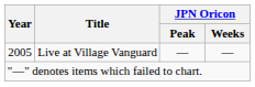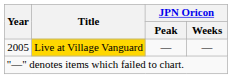 <table class="wikitable">
 <tr>
 <th rowspan="2" style="width:33px;">Year</th>
 <th rowspan="2">Title</th>
 <th colspan="2" style="width:106px;"><a href='#'>JPN Oricon</a></th>
 </tr>
 <tr>
 <th style="width:53px;">Peak</th>
 <th style="width:53px;">Weeks</th>
 </tr>
 <tr>
 <td style="text-align:center;">2005</td>
-<td>Live at Village Vanguard</td>
+<td style="background: gold;">Live at Village Vanguard</td>
 <td style="text-align:center;">—</td>
 <td style="text-align:center;">—</td>
 </tr>
 <tr>
 <td colspan="4">"—" denotes items which failed to chart.</td>
 </tr>
 </table>
